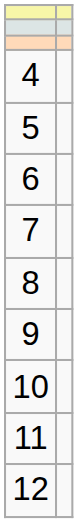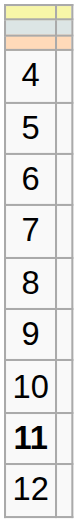 <table class="wikitable">
 <tr style="background:#F7F6A8;">
 <td align=center></td>
 <td></td>
 </tr>
 <tr style="background:#DCE5E5;">
 <td align=center></td>
 <td></td>
 </tr>
 <tr style="background:#FFDAB9;">
 <td align=center></td>
 <td></td>
 </tr>
 <tr>
 <td align=center>4</td>
 <td></td>
 </tr>
 <tr>
 <td align=center>5</td>
 <td></td>
 </tr>
 <tr>
 <td align=center>6</td>
 <td></td>
 </tr>
 <tr>
 <td align=center>7</td>
 <td></td>
 </tr>
 <tr>
 <td align=center>8</td>
 <td></td>
 </tr>
 <tr>
 <td align=center>9</td>
 <td></td>
 </tr>
 <tr>
 <td align=center>10</td>
 <td></td>
 </tr>
 <tr>
-<td align=center>11</td>
+<td align=center><strong>11</strong></td>
 <td></td>
 </tr>
 <tr>
 <td align=center>12</td>
 <td></td>
 </tr>
 </table>
